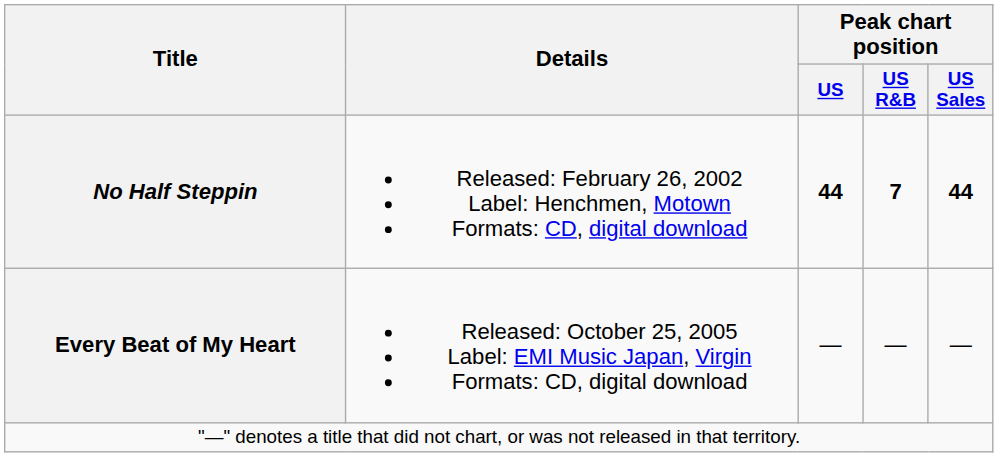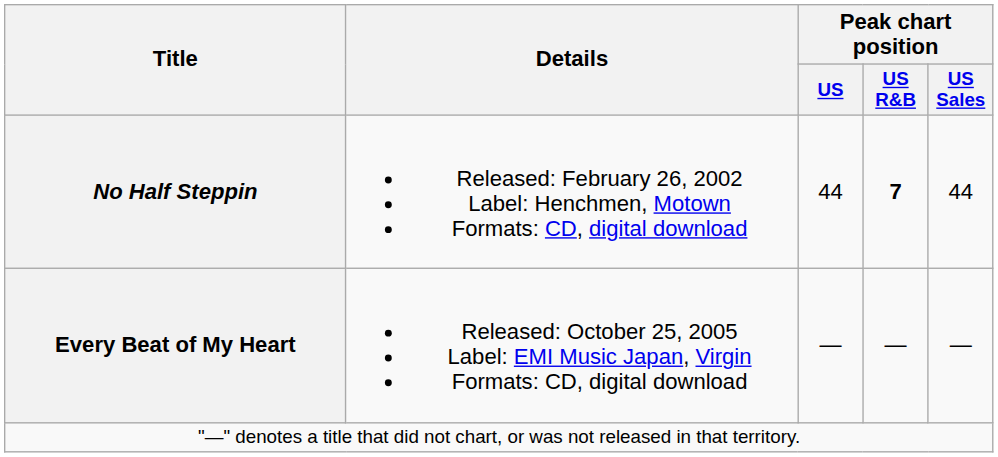 <table class="wikitable plainrowheaders" style="text-align:center;">
 <tr>
 <th scope="col" rowspan="2" style="width:15em;">Title</th>
 <th scope="col" rowspan="2" style="width:20em;">Details</th>
 <th scope="col" colspan="10">Peak chart position</th>
 </tr>
 <tr>
 <th scope="col" style="width:3em;font-size:85%;"><a href='#'>US</a><br></th>
 <th scope="col" style="width:3em;font-size:85%;"><a href='#'>US<br>R&B</a><br></th>
 <th scope="col" style="width:3em;font-size:85%;"><a href='#'>US<br>Sales</a><br></th>
 </tr>
 <tr>
 <th scope="row"><em>No Half Steppin<strong></th>
 <td><br><ul><li>Released: February 26, 2002</li><li>Label: Henchmen, <a href='#'>Motown</a></li><li>Formats: <a href='#'>CD</a>, <a href='#'>digital download</a></li></ul></td>
-<td><strong>44</strong></td>
+<td>44</td>
 <td><strong>7</strong></td>
-<td><strong>44</strong></td>
+<td>44</td>
 </tr>
 <tr>
 <th scope="row"></em>Every Beat of My Heart<em></th>
 <td><br><ul><li>Released: October 25, 2005</li><li>Label: <a href='#'>EMI Music Japan</a>, <a href='#'>Virgin</a></li><li>Formats: CD, digital download</li></ul></td>
 <td>—</td>
 <td>—</td>
 <td>—</td>
 </tr>
 <tr>
 <td colspan="14" style="font-size:85%">"—" denotes a title that did not chart, or was not released in that territory.</td>
 </tr>
 </table>
